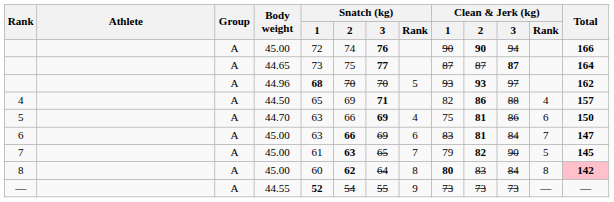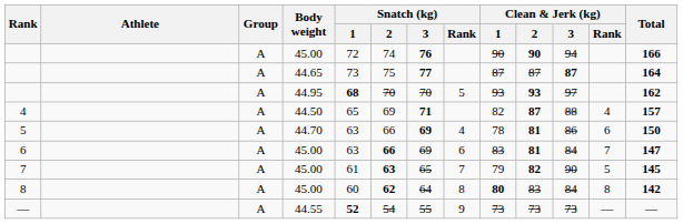 <table class = "wikitable" style="text-align:center;">
 <tr>
 <th rowspan=2 width=40>Rank</th>
 <th rowspan=2 width=250>Athlete</th>
 <th rowspan=2 width=50>Group</th>
 <th rowspan=2 width=60>Body weight</th>
 <th colspan=4>Snatch (kg)</th>
 <th colspan=4>Clean & Jerk (kg)</th>
 <th rowspan=2 width=60>Total</th>
 </tr>
 <tr>
 <th width=40>1</th>
 <th width=40>2</th>
 <th width=40>3</th>
 <th width=40>Rank</th>
 <th width=40>1</th>
 <th width=40>2</th>
 <th width=40>3</th>
 <th width=40>Rank</th>
 </tr>
 <tr>
 <td></td>
 <td align=left></td>
 <td>A</td>
 <td>45.00</td>
 <td>72</td>
 <td>74</td>
 <td><strong>76</strong></td>
 <td></td>
 <td><s>90</s></td>
 <td><strong>90</strong></td>
 <td><s>94</s></td>
 <td></td>
 <td><strong>166</strong></td>
 </tr>
 <tr>
 <td></td>
 <td align=left></td>
 <td>A</td>
 <td>44.65</td>
 <td>73</td>
 <td>75</td>
 <td><strong>77</strong></td>
 <td></td>
 <td><s>87</s></td>
 <td><s>87</s></td>
 <td><strong>87</strong></td>
 <td></td>
 <td><strong>164</strong></td>
 </tr>
 <tr>
 <td></td>
 <td align=left></td>
 <td>A</td>
-<td>44.96</td>
+<td>44.95</td>
 <td><strong>68</strong></td>
 <td><s>70</s></td>
 <td><s>70</s></td>
 <td>5</td>
 <td><s>93</s></td>
 <td><strong>93</strong></td>
 <td><s>97</s></td>
 <td></td>
 <td><strong>162</strong></td>
 </tr>
 <tr>
 <td>4</td>
 <td align=left></td>
 <td>A</td>
 <td>44.50</td>
 <td>65</td>
 <td>69</td>
 <td><strong>71</strong></td>
 <td></td>
 <td>82</td>
-<td><strong>86</strong></td>
+<td><strong>87</strong></td>
 <td><s>88</s></td>
 <td>4</td>
 <td><strong>157</strong></td>
 </tr>
 <tr>
 <td>5</td>
 <td align=left></td>
 <td>A</td>
 <td>44.70</td>
 <td>63</td>
 <td>66</td>
 <td><strong>69</strong></td>
 <td>4</td>
-<td>75</td>
+<td>78</td>
 <td><strong>81</strong></td>
 <td><s>86</s></td>
 <td>6</td>
 <td><strong>150</strong></td>
 </tr>
 <tr>
 <td>6</td>
 <td align=left></td>
 <td>A</td>
 <td>45.00</td>
 <td>63</td>
 <td><strong>66</strong></td>
 <td><s>69</s></td>
 <td>6</td>
 <td><s>83</s></td>
 <td><strong>81</strong></td>
 <td><s>84</s></td>
 <td>7</td>
 <td><strong>147</strong></td>
 </tr>
 <tr>
 <td>7</td>
 <td align=left></td>
 <td>A</td>
 <td>45.00</td>
 <td>61</td>
 <td><strong>63</strong></td>
 <td><s>65</s></td>
 <td>7</td>
 <td>79</td>
 <td><strong>82</strong></td>
 <td><s>90</s></td>
 <td>5</td>
 <td><strong>145</strong></td>
 </tr>
 <tr>
 <td>8</td>
 <td align=left></td>
 <td>A</td>
 <td>45.00</td>
 <td>60</td>
 <td><strong>62</strong></td>
 <td><s>64</s></td>
 <td>8</td>
 <td><strong>80</strong></td>
 <td><s>83</s></td>
 <td><s>84</s></td>
 <td>8</td>
-<td style="background: pink;"><strong>142</strong></td>
+<td><strong>142</strong></td>
 </tr>
 <tr>
 <td>—</td>
 <td align=left></td>
 <td>A</td>
 <td>44.55</td>
 <td><strong>52</strong></td>
 <td><s>54</s></td>
 <td><s>55</s></td>
 <td>9</td>
 <td><s>73</s></td>
 <td><s>73</s></td>
 <td><s>73</s></td>
 <td>—</td>
 <td>—</td>
 </tr>
 </table>
